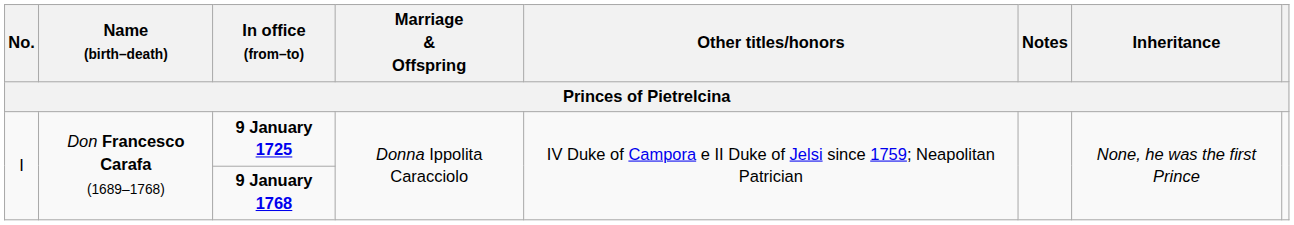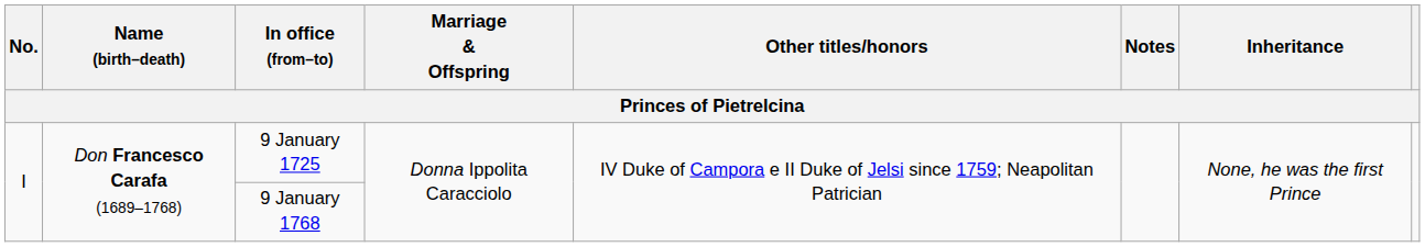 <table class="wikitable" style="line-height:1.4em; text-align:center">
 <tr>
 <th>No.</th>
 <th>Name<br><small>(birth–death)</small></th>
 <th>In office<br><small>(from–to)</small></th>
 <th>Marriage<br>&<br>Offspring</th>
 <th>Other titles/honors</th>
 <th>Notes</th>
 <th>Inheritance</th>
 <th></th>
 </tr>
 <tr>
 <th class=noprint colspan=8 style="font-weight:normal" style="background:#FFD700"><strong>Princes of Pietrelcina</strong></th>
 </tr>
 <tr>
 <td rowspan=2>I</td>
 <td rowspan=2><em>Don</em> <strong>Francesco Carafa</strong><br><small>(1689–1768)</small></td>
-<td><strong>9 January <a href='#'>1725</a></strong></td>
+<td>9 January <a href='#'>1725</a></td>
 <td rowspan=2><em>Donna</em> Ippolita Caracciolo</td>
 <td rowspan=2>IV Duke of <a href='#'>Campora</a> e II Duke of <a href='#'>Jelsi</a> since <a href='#'>1759</a>; Neapolitan Patrician</td>
 <td rowspan=2></td>
 <td rowspan=2><em>None, he was the first Prince</em></td>
 <td rowspan=2></td>
 </tr>
 <tr>
-<td><strong>9 January <a href='#'>1768</a></strong></td>
+<td>9 January <a href='#'>1768</a></td>
 </tr>
 </table>
